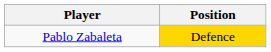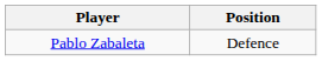 <table class="wikitable">
 <tr>
 <th style="width:180px;">Player</th>
 <th style="width:120px;">Position</th>
 </tr>
 <tr>
 <td style="text-align:center;"> <a href='#'>Pablo Zabaleta</a></td>
-<td style="background: gold; text-align:center;">Defence</td>
+<td style="text-align:center;">Defence</td>
 </tr>
 </table>
